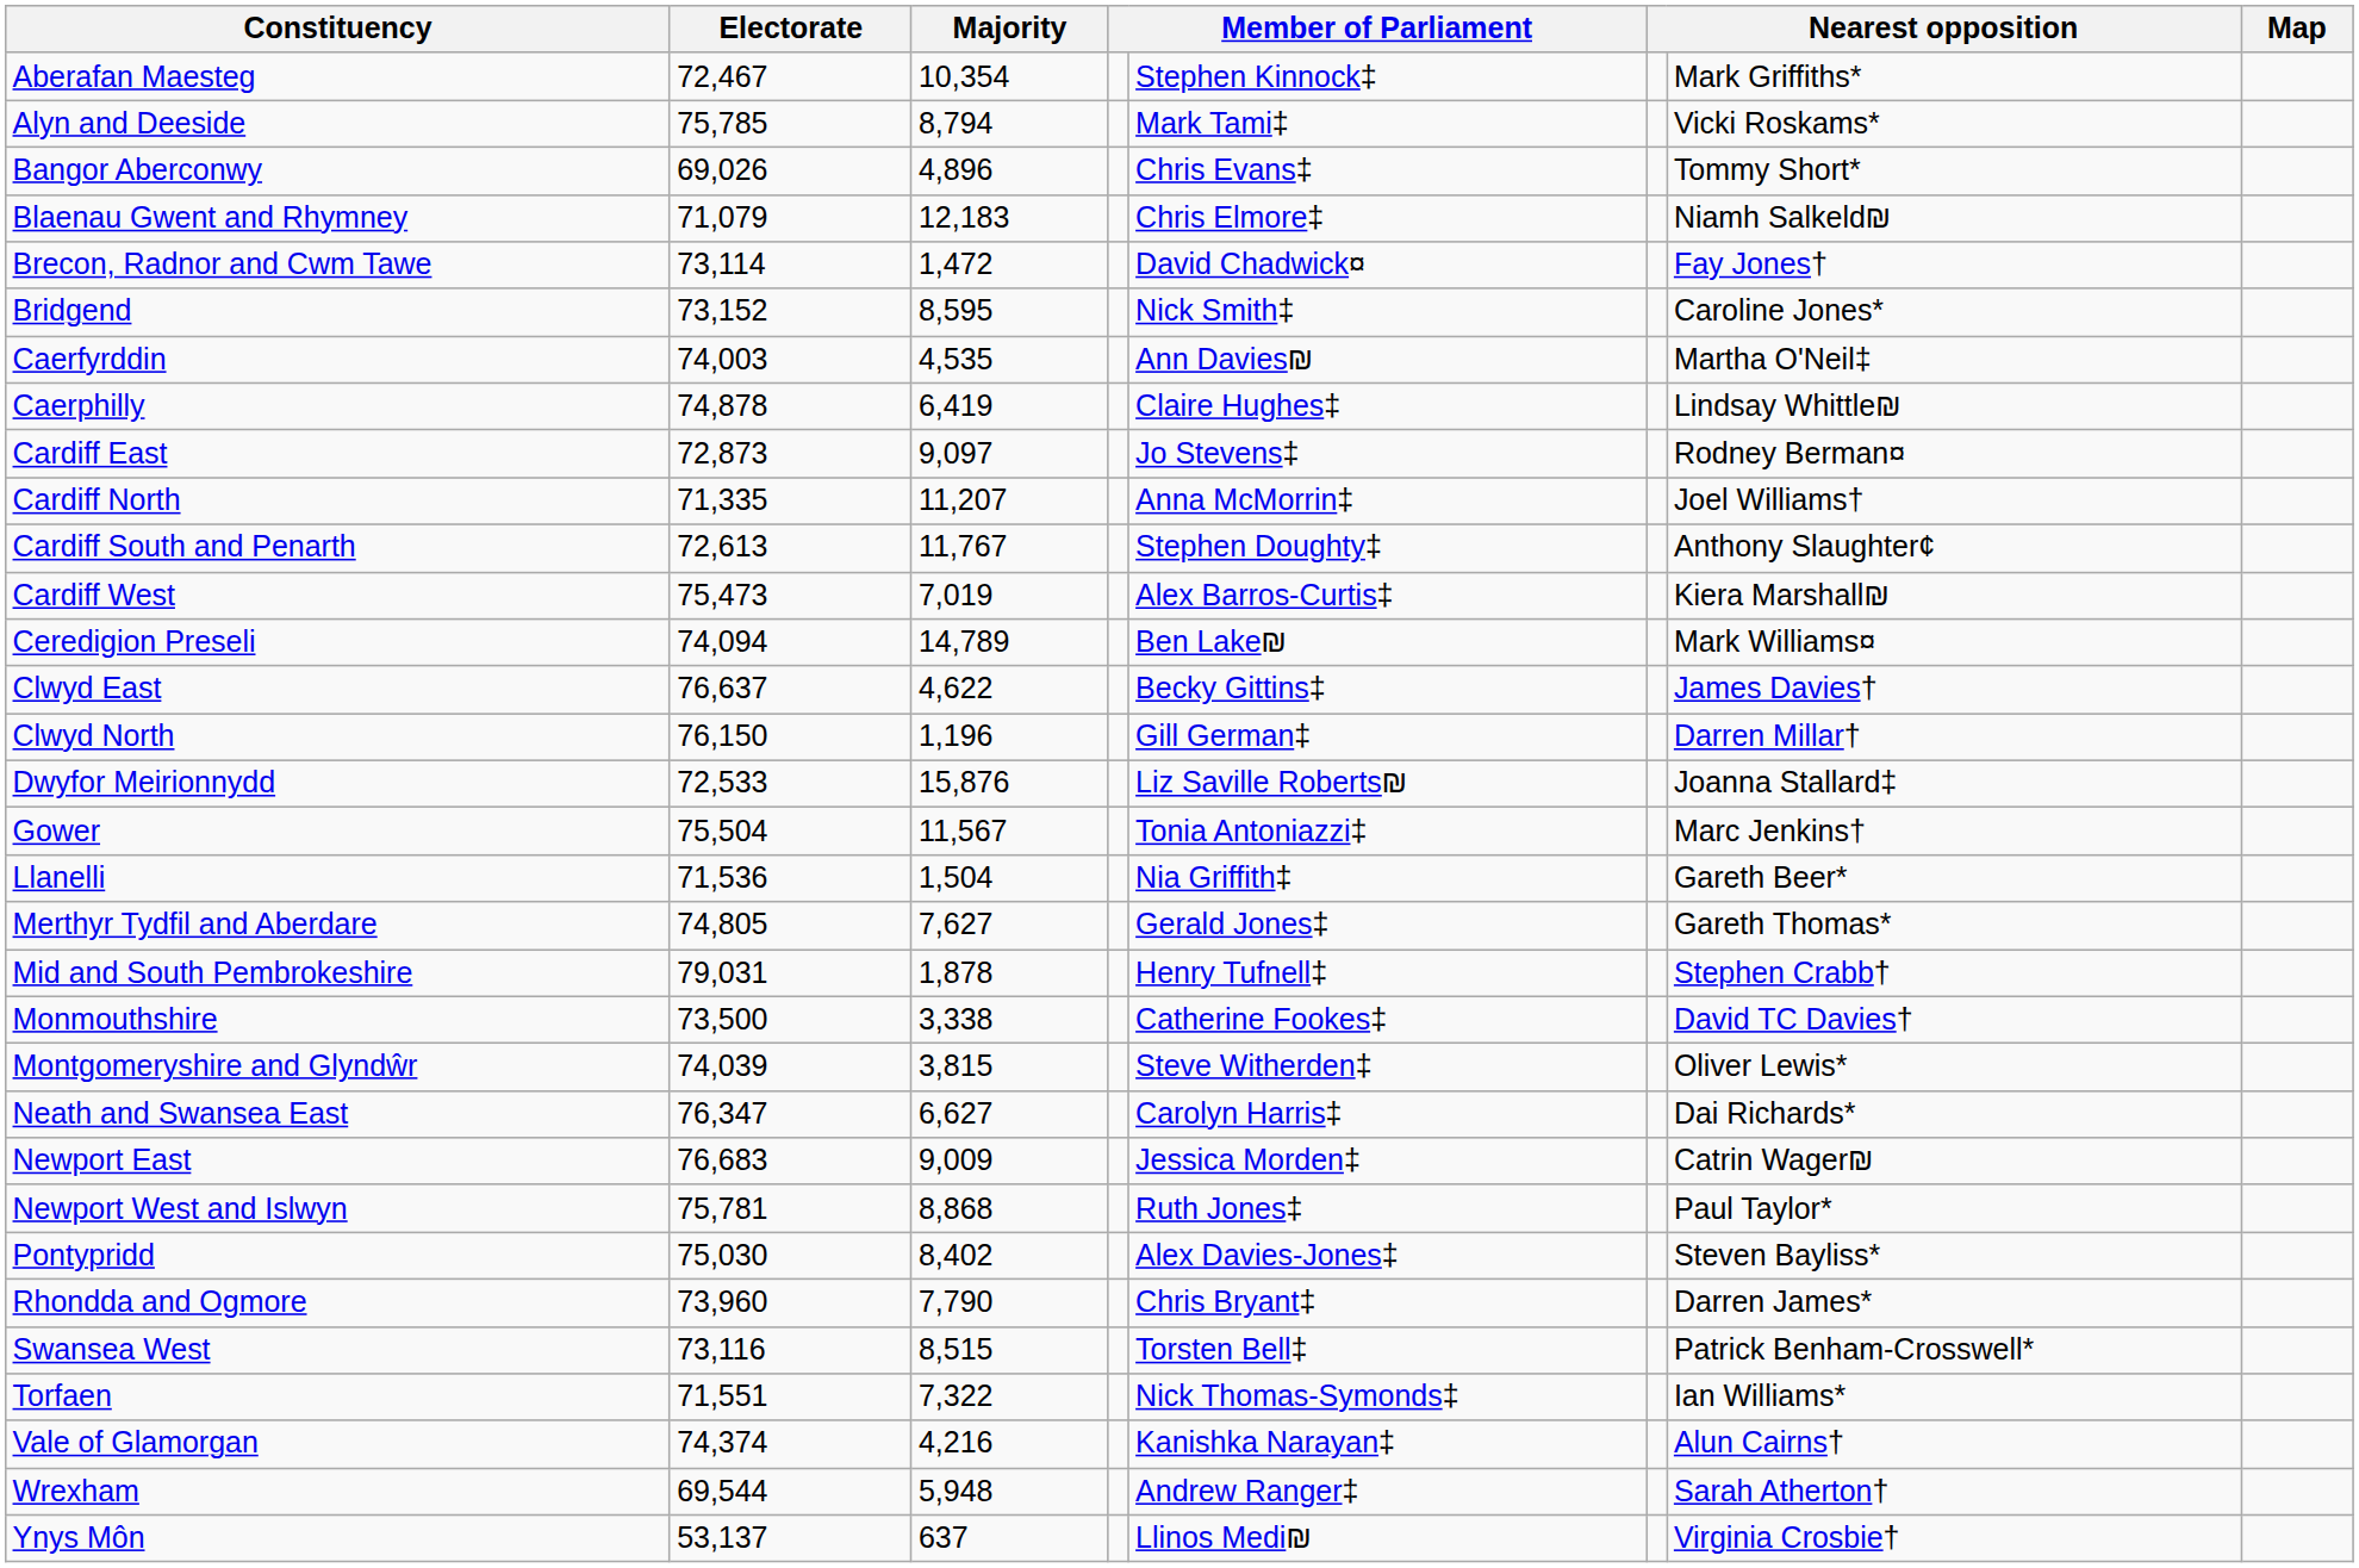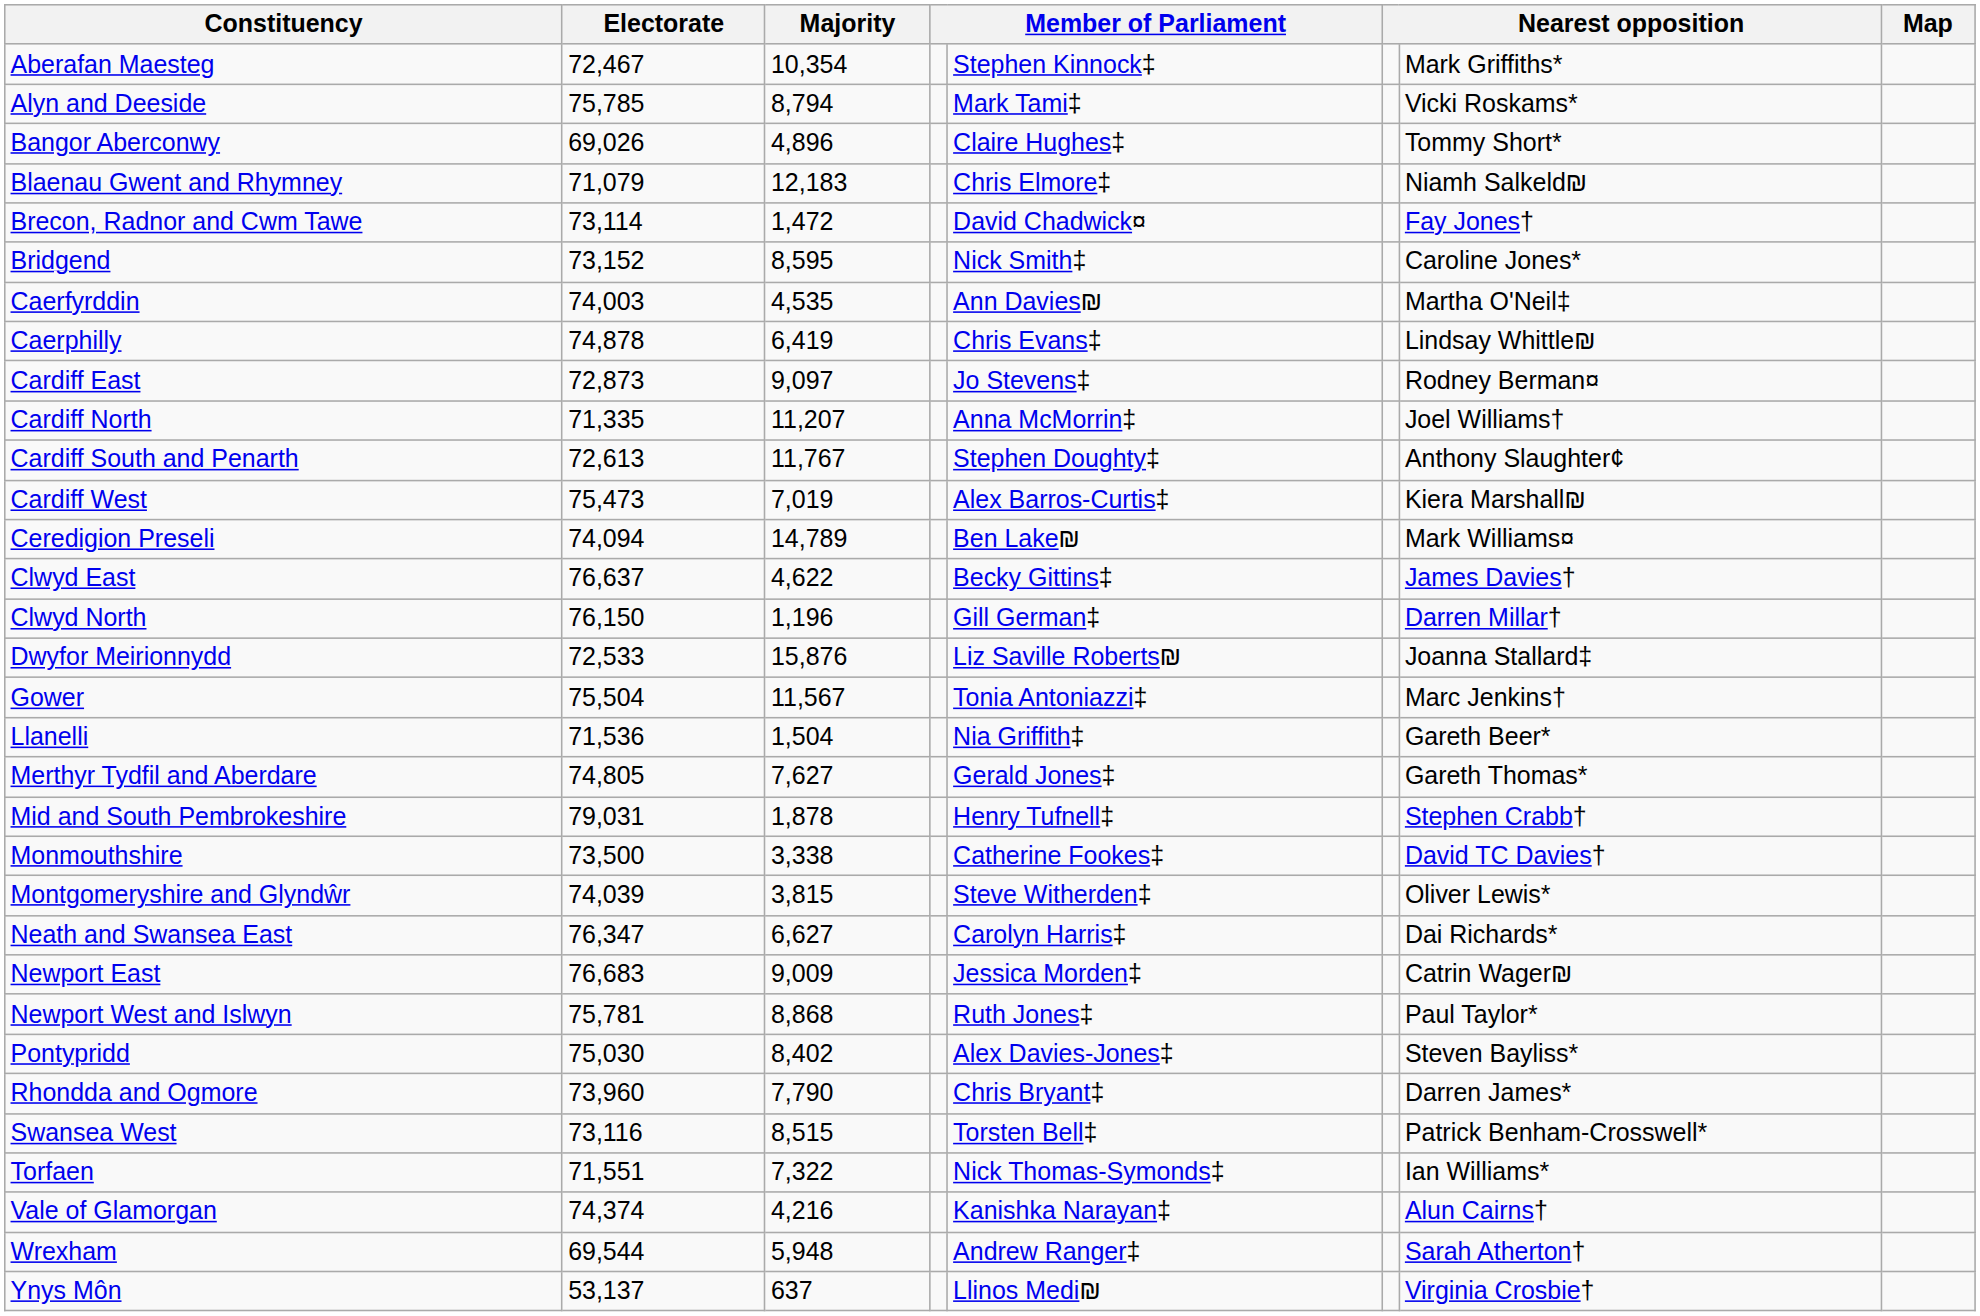 <table class="wikitable sortable" width="100%">
 <tr>
 <th>Constituency</th>
 <th rowspan="1">Electorate</th>
 <th rowspan="1">Majority</th>
 <th colspan="2"><a href='#'>Member of Parliament</a></th>
 <th colspan="2">Nearest opposition</th>
 <th rowspan="1" class="unsortable">Map</th>
 </tr>
 <tr>
 <td><a href='#'>Aberafan Maesteg</a></td>
 <td>72,467</td>
 <td>10,354</td>
 <td style="color:inherit;background:"></td>
 <td><a href='#'>Stephen Kinnock</a>‡</td>
 <td style="color:inherit;background:"></td>
 <td>Mark Griffiths*</td>
 <td></td>
 </tr>
 <tr>
 <td><a href='#'>Alyn and Deeside</a></td>
 <td>75,785</td>
 <td>8,794</td>
 <td style="color:inherit;background:"></td>
 <td><a href='#'>Mark Tami</a>‡</td>
 <td style="color:inherit;background:"></td>
 <td>Vicki Roskams*</td>
 <td></td>
 </tr>
 <tr>
 <td><a href='#'>Bangor Aberconwy</a></td>
 <td>69,026</td>
 <td>4,896</td>
 <td style="color:inherit;background:"></td>
-<td><a href='#'>Chris Evans</a>‡</td>
+<td><a href='#'>Claire Hughes</a>‡</td>
 <td style="color:inherit;background:"></td>
 <td>Tommy Short*</td>
 <td></td>
 </tr>
 <tr>
 <td><a href='#'>Blaenau Gwent and Rhymney</a></td>
 <td>71,079</td>
 <td>12,183</td>
 <td style="color:inherit;background:"></td>
 <td><a href='#'>Chris Elmore</a>‡</td>
 <td style="color:inherit;background:"></td>
 <td>Niamh Salkeld₪</td>
 <td></td>
 </tr>
 <tr>
 <td><a href='#'>Brecon, Radnor and Cwm Tawe</a></td>
 <td>73,114</td>
 <td>1,472</td>
 <td style="color:inherit;background:"></td>
 <td><a href='#'>David Chadwick</a>¤</td>
 <td style="color:inherit;background:"></td>
 <td><a href='#'>Fay Jones</a>†</td>
 <td></td>
 </tr>
 <tr>
 <td><a href='#'>Bridgend</a></td>
 <td>73,152</td>
 <td>8,595</td>
 <td style="color:inherit;background:"></td>
 <td><a href='#'>Nick Smith</a>‡</td>
 <td style="color:inherit;background:"></td>
 <td>Caroline Jones*</td>
 <td></td>
 </tr>
 <tr>
 <td><a href='#'>Caerfyrddin</a></td>
 <td>74,003</td>
 <td>4,535</td>
 <td style="color:inherit;background:"></td>
 <td><a href='#'>Ann Davies</a>₪</td>
 <td style="color:inherit;background:"></td>
 <td>Martha O'Neil‡</td>
 <td></td>
 </tr>
 <tr>
 <td><a href='#'>Caerphilly</a></td>
 <td>74,878</td>
 <td>6,419</td>
 <td style="color:inherit;background:"></td>
-<td><a href='#'>Claire Hughes</a>‡</td>
+<td><a href='#'>Chris Evans</a>‡</td>
 <td style="color:inherit;background:"></td>
 <td>Lindsay Whittle₪</td>
 <td></td>
 </tr>
 <tr>
 <td><a href='#'>Cardiff East</a></td>
 <td>72,873</td>
 <td>9,097</td>
 <td style="color:inherit;background:"></td>
 <td><a href='#'>Jo Stevens</a>‡</td>
 <td style="color:inherit;background:"></td>
 <td>Rodney Berman¤</td>
 <td></td>
 </tr>
 <tr>
 <td><a href='#'>Cardiff North</a></td>
 <td>71,335</td>
 <td>11,207</td>
 <td style="color:inherit;background:"></td>
 <td><a href='#'>Anna McMorrin</a>‡</td>
 <td style="color:inherit;background:"></td>
 <td>Joel Williams†</td>
 <td></td>
 </tr>
 <tr>
 <td><a href='#'>Cardiff South and Penarth</a></td>
 <td>72,613</td>
 <td>11,767</td>
 <td style="color:inherit;background:"></td>
 <td><a href='#'>Stephen Doughty</a>‡</td>
 <td style="color:inherit;background:"></td>
 <td>Anthony Slaughter¢</td>
 <td></td>
 </tr>
 <tr>
 <td><a href='#'>Cardiff West</a></td>
 <td>75,473</td>
 <td>7,019</td>
 <td style="color:inherit;background:"></td>
 <td><a href='#'>Alex Barros-Curtis</a>‡</td>
 <td style="color:inherit;background:"></td>
 <td>Kiera Marshall₪</td>
 <td></td>
 </tr>
 <tr>
 <td><a href='#'>Ceredigion Preseli</a></td>
 <td>74,094</td>
 <td>14,789</td>
 <td style="color:inherit;background:"></td>
 <td><a href='#'>Ben Lake</a>₪</td>
 <td style="color:inherit;background:"></td>
 <td>Mark Williams¤</td>
 <td></td>
 </tr>
 <tr>
 <td><a href='#'>Clwyd East</a></td>
 <td>76,637</td>
 <td>4,622</td>
 <td style="color:inherit;background:"></td>
 <td><a href='#'>Becky Gittins</a>‡</td>
 <td style="color:inherit;background:"></td>
 <td><a href='#'>James Davies</a>†</td>
 <td></td>
 </tr>
 <tr>
 <td><a href='#'>Clwyd North</a></td>
 <td>76,150</td>
 <td>1,196</td>
 <td style="color:inherit;background:"></td>
 <td><a href='#'>Gill German</a>‡</td>
 <td style="color:inherit;background:"></td>
 <td><a href='#'>Darren Millar</a>†</td>
 <td></td>
 </tr>
 <tr>
 <td><a href='#'>Dwyfor Meirionnydd</a></td>
 <td>72,533</td>
 <td>15,876</td>
 <td style="color:inherit;background:"></td>
 <td><a href='#'>Liz Saville Roberts</a>₪</td>
 <td style="color:inherit;background:"></td>
 <td>Joanna Stallard‡</td>
 <td></td>
 </tr>
 <tr>
 <td><a href='#'>Gower</a></td>
 <td>75,504</td>
 <td>11,567</td>
 <td style="color:inherit;background:"></td>
 <td><a href='#'>Tonia Antoniazzi</a>‡</td>
 <td style="color:inherit;background:"></td>
 <td>Marc Jenkins†</td>
 <td></td>
 </tr>
 <tr>
 <td><a href='#'>Llanelli</a></td>
 <td>71,536</td>
 <td>1,504</td>
 <td style="color:inherit;background:"></td>
 <td><a href='#'>Nia Griffith</a>‡</td>
 <td style="color:inherit;background:"></td>
 <td>Gareth Beer*</td>
 <td></td>
 </tr>
 <tr>
 <td><a href='#'>Merthyr Tydfil and Aberdare</a></td>
 <td>74,805</td>
 <td>7,627</td>
 <td style="color:inherit;background:"></td>
 <td><a href='#'>Gerald Jones</a>‡</td>
 <td style="color:inherit;background:"></td>
 <td>Gareth Thomas*</td>
 <td></td>
 </tr>
 <tr>
 <td><a href='#'>Mid and South Pembrokeshire</a></td>
 <td>79,031</td>
 <td>1,878</td>
 <td style="color:inherit;background:"></td>
 <td><a href='#'>Henry Tufnell</a>‡</td>
 <td style="color:inherit;background:"></td>
 <td><a href='#'>Stephen Crabb</a>†</td>
 <td></td>
 </tr>
 <tr>
 <td><a href='#'>Monmouthshire</a></td>
 <td>73,500</td>
 <td>3,338</td>
 <td style="color:inherit;background:"></td>
 <td><a href='#'>Catherine Fookes</a>‡</td>
 <td style="color:inherit;background:"></td>
 <td><a href='#'>David TC Davies</a>†</td>
 <td></td>
 </tr>
 <tr>
 <td><a href='#'>Montgomeryshire and Glyndŵr</a></td>
 <td>74,039</td>
 <td>3,815</td>
 <td style="color:inherit;background:"></td>
 <td><a href='#'>Steve Witherden</a>‡</td>
 <td style="color:inherit;background:"></td>
 <td>Oliver Lewis*</td>
 <td></td>
 </tr>
 <tr>
 <td><a href='#'>Neath and Swansea East</a></td>
 <td>76,347</td>
 <td>6,627</td>
 <td style="color:inherit;background:"></td>
 <td><a href='#'>Carolyn Harris</a>‡</td>
 <td style="color:inherit;background:"></td>
 <td>Dai Richards*</td>
 <td></td>
 </tr>
 <tr>
 <td><a href='#'>Newport East</a></td>
 <td>76,683</td>
 <td>9,009</td>
 <td style="color:inherit;background:"></td>
 <td><a href='#'>Jessica Morden</a>‡</td>
 <td style="color:inherit;background:"></td>
 <td>Catrin Wager₪</td>
 <td></td>
 </tr>
 <tr>
 <td><a href='#'>Newport West and Islwyn</a></td>
 <td>75,781</td>
 <td>8,868</td>
 <td style="color:inherit;background:"></td>
 <td><a href='#'>Ruth Jones</a>‡</td>
 <td style="color:inherit;background:"></td>
 <td>Paul Taylor*</td>
 <td></td>
 </tr>
 <tr>
 <td><a href='#'>Pontypridd</a></td>
 <td>75,030</td>
 <td>8,402</td>
 <td style="color:inherit;background:"></td>
 <td><a href='#'>Alex Davies-Jones</a>‡</td>
 <td style="color:inherit;background:"></td>
 <td>Steven Bayliss*</td>
 <td></td>
 </tr>
 <tr>
 <td><a href='#'>Rhondda and Ogmore</a></td>
 <td>73,960</td>
 <td>7,790</td>
 <td style="color:inherit;background:"></td>
 <td><a href='#'>Chris Bryant</a>‡</td>
 <td style="color:inherit;background:"></td>
 <td>Darren James*</td>
 <td></td>
 </tr>
 <tr>
 <td><a href='#'>Swansea West</a></td>
 <td>73,116</td>
 <td>8,515</td>
 <td style="color:inherit;background:"></td>
 <td><a href='#'>Torsten Bell</a>‡</td>
 <td style="color:inherit;background:"></td>
 <td>Patrick Benham-Crosswell*</td>
 <td></td>
 </tr>
 <tr>
 <td><a href='#'>Torfaen</a></td>
 <td>71,551</td>
 <td>7,322</td>
 <td style="color:inherit;background:"></td>
 <td><a href='#'>Nick Thomas-Symonds</a>‡</td>
 <td style="color:inherit;background:"></td>
 <td>Ian Williams*</td>
 <td></td>
 </tr>
 <tr>
 <td><a href='#'>Vale of Glamorgan</a></td>
 <td>74,374</td>
 <td>4,216</td>
 <td style="color:inherit;background:"></td>
 <td><a href='#'>Kanishka Narayan</a>‡</td>
 <td style="color:inherit;background:"></td>
 <td><a href='#'>Alun Cairns</a>†</td>
 <td></td>
 </tr>
 <tr>
 <td><a href='#'>Wrexham</a></td>
 <td>69,544</td>
 <td>5,948</td>
 <td style="color:inherit;background:"></td>
 <td><a href='#'>Andrew Ranger</a>‡</td>
 <td style="color:inherit;background:"></td>
 <td><a href='#'>Sarah Atherton</a>†</td>
 <td></td>
 </tr>
 <tr>
 <td><a href='#'>Ynys Môn</a></td>
 <td>53,137</td>
 <td>637</td>
 <td style="color:inherit;background:"></td>
 <td><a href='#'>Llinos Medi</a>₪</td>
 <td style="color:inherit;background:"></td>
 <td><a href='#'>Virginia Crosbie</a>†</td>
 <td></td>
 </tr>
 </table>
